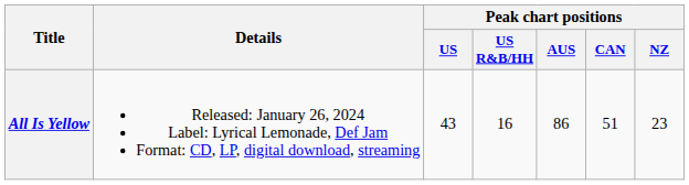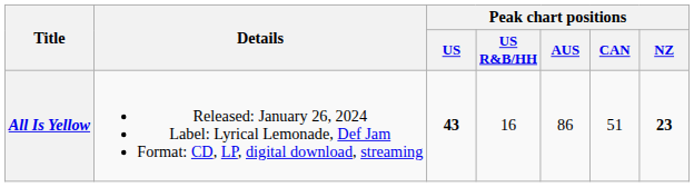 <table class="wikitable plainrowheaders" style="text-align:center;">
 <tr>
 <th scope="col" rowspan="2">Title</th>
 <th scope="col" rowspan="2">Details</th>
 <th scope="col" colspan="5">Peak chart positions</th>
 </tr>
 <tr>
 <th scope="col" style="width:3em;font-size:90%;"><a href='#'>US</a><br></th>
 <th scope="col" style="width:3em;font-size:90%;"><a href='#'>US<br>R&B/HH</a><br></th>
 <th scope="col" style="width:3em;font-size:90%;"><a href='#'>AUS</a><br></th>
 <th scope="col" style="width:3em;font-size:90%;"><a href='#'>CAN</a><br></th>
 <th scope="col" style="width:3em;font-size:90%;"><a href='#'>NZ</a><br></th>
 </tr>
 <tr>
 <th scope="row"><em><a href='#'>All Is Yellow</a></em></th>
 <td><br><ul><li>Released: January 26, 2024</li><li>Label: Lyrical Lemonade, <a href='#'>Def Jam</a></li><li>Format: <a href='#'>CD</a>, <a href='#'>LP</a>, <a href='#'>digital download</a>, <a href='#'>streaming</a></li></ul></td>
-<td>43</td>
+<td><strong>43</strong></td>
 <td>16</td>
 <td>86</td>
 <td>51</td>
-<td>23</td>
+<td><strong>23</strong></td>
 </tr>
 </table>
